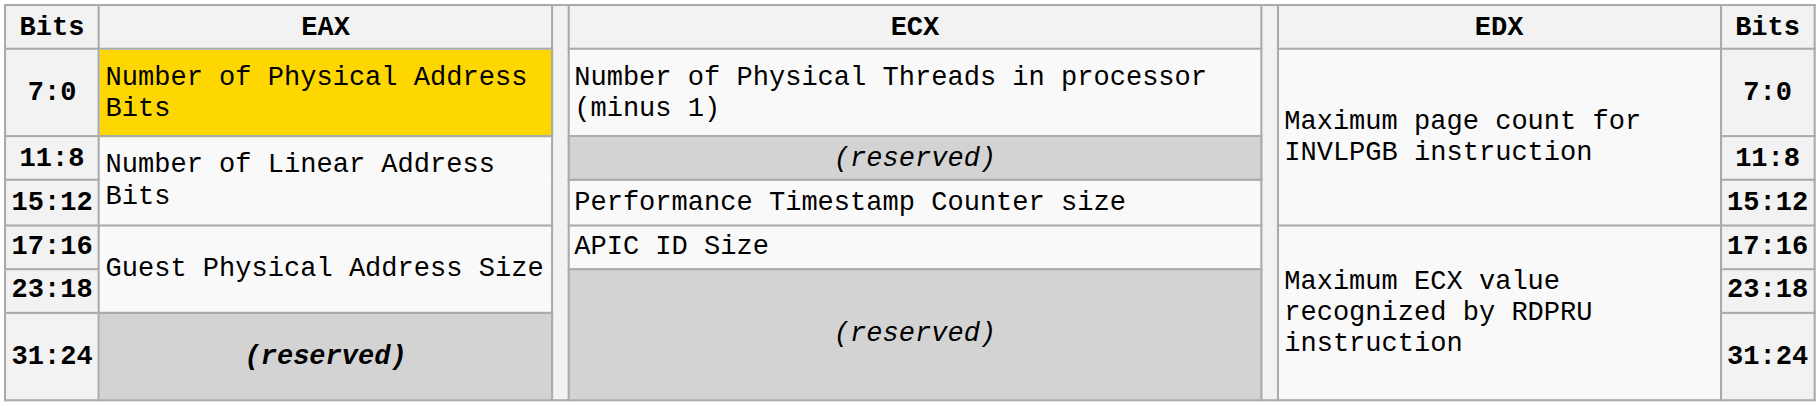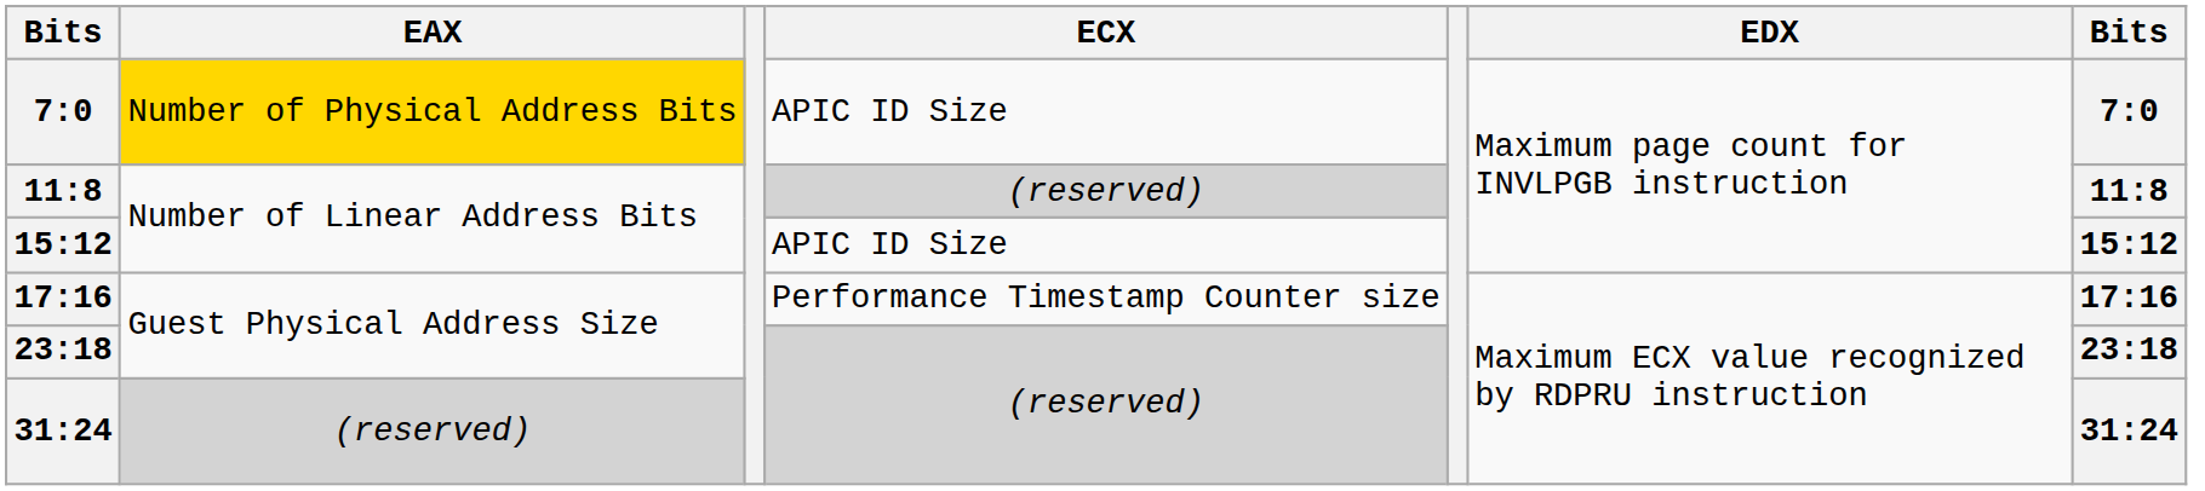 <table class="wikitable">
 <tr>
 <th>Bits</th>
 <th>EAX</th>
 <th scope="col" style="width: 0.5em; border-spacing:0; padding:0px" rowspan="7"></th>
 <th>ECX</th>
 <th scope="col" style="width: 0.5em; border-spacing:0; padding:0px" rowspan="7"></th>
 <th>EDX</th>
 <th>Bits</th>
 </tr>
 <tr>
 <th style="padding-top:1em; padding-bottom:1em">7:0</th>
 <td style="background: gold;">Number of Physical Address Bits</td>
-<td>Number of Physical Threads in processor (minus 1)</td>
+<td>APIC ID Size</td>
 <td rowspan="3" style="max-width:18em">Maximum page count for <code>INVLPGB</code> instruction</td>
 <th style="padding-top:1em; padding-bottom:1em">7:0</th>
 </tr>
 <tr>
 <th>11:8</th>
 <td rowspan="2">Number of Linear Address Bits</td>
 <td style="text-align:center; background:lightgrey;"><em>(reserved)</em></td>
 <th>11:8</th>
 </tr>
 <tr>
 <th>15:12</th>
-<td>Performance Timestamp Counter size</td>
+<td>APIC ID Size</td>
 <th>15:12</th>
 </tr>
 <tr>
 <th>17:16</th>
 <td rowspan="2">Guest Physical Address Size</td>
-<td>APIC ID Size</td>
+<td>Performance Timestamp Counter size</td>
 <td rowspan="3" style="max-width:18em">Maximum ECX value recognized by <code>RDPRU</code> instruction</td>
 <th>17:16</th>
 </tr>
 <tr>
 <th>23:18</th>
 <td rowspan="2" style="text-align:center; background:lightgrey;"><em>(reserved)</em></td>
 <th>23:18</th>
 </tr>
 <tr>
 <th style="padding-top:1em; padding-bottom:1em">31:24</th>
-<td style="text-align:center; background:lightgrey;"><strong><em>(reserved)</em></strong></td>
+<td style="text-align:center; background:lightgrey;"><em>(reserved)</em></td>
 <th style="padding-top:1em; padding-bottom:1em">31:24</th>
 </tr>
 </table>
